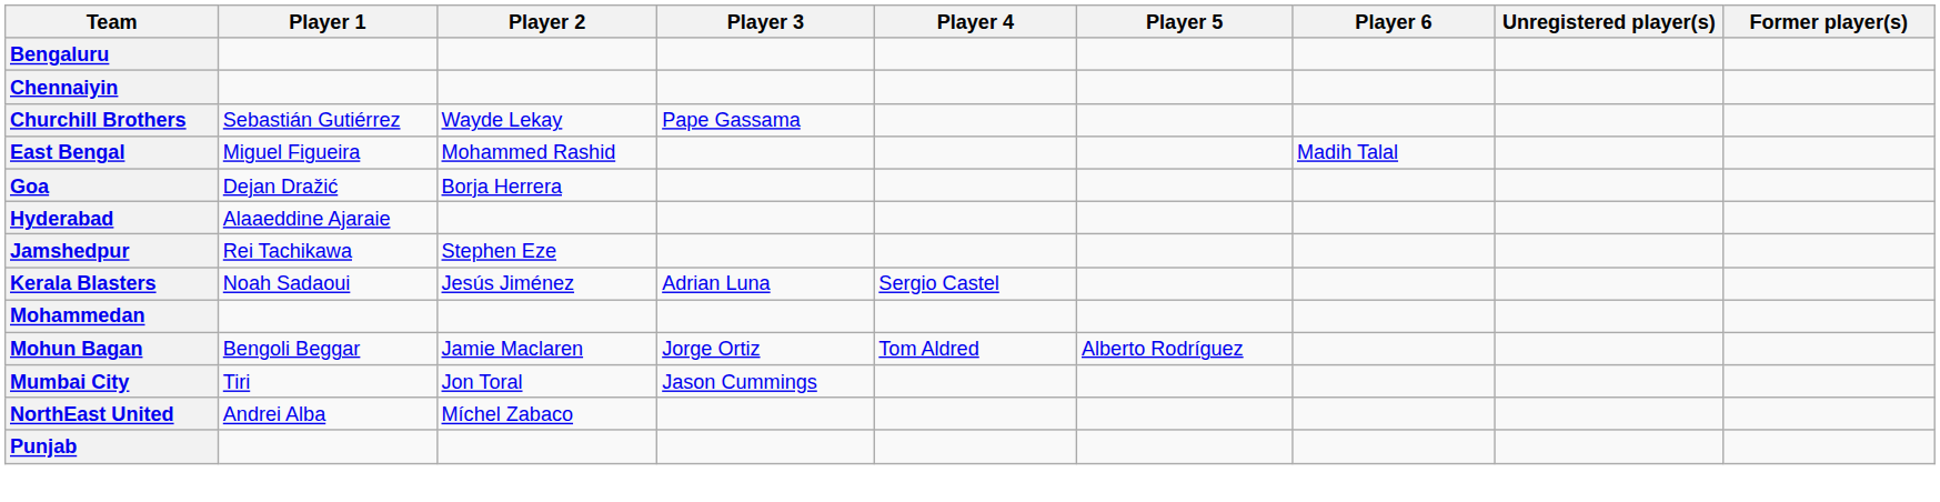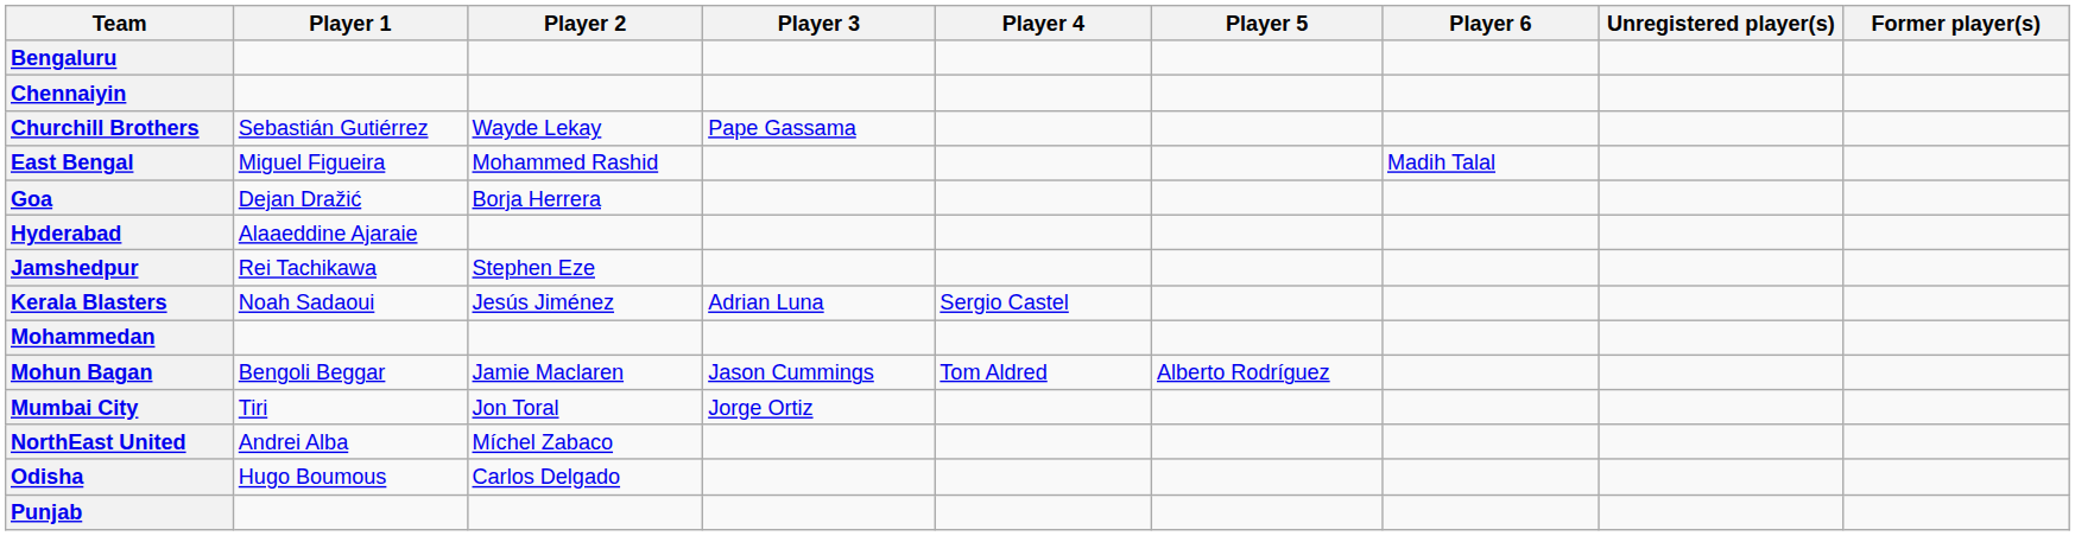 <table class="wikitable" style="text-align: left; font-size:small;">
 <tr>
 <th scope=col style="width:160px;">Team</th>
 <th scope=col style="width:180px;">Player 1</th>
 <th scope=col style="width:180px;">Player 2</th>
 <th scope=col style="width:180px;">Player 3</th>
 <th scope=col style="width:180px;">Player 4</th>
 <th scope=col style="width:180px;">Player 5</th>
 <th scope=col style="width:180px;">Player 6</th>
 <th scope=col style="width:180px;">Unregistered player(s)</th>
 <th scope=col style="width:180px">Former player(s)</th>
 </tr>
 <tr>
 <th scope=row style="text-align: left;"><a href='#'>Bengaluru</a></th>
 <td></td>
 <td></td>
 <td></td>
 <td></td>
 <td></td>
 <td></td>
 <td></td>
 <td></td>
 </tr>
 <tr>
 <th scope=row style="text-align: left;"><a href='#'>Chennaiyin</a></th>
 <td></td>
 <td></td>
 <td></td>
 <td></td>
 <td></td>
 <td></td>
 <td></td>
 <td></td>
 </tr>
 <tr>
 <th scope=row style="text-align: left;"><a href='#'>Churchill Brothers</a></th>
 <td> <a href='#'>Sebastián Gutiérrez</a></td>
 <td> <a href='#'>Wayde Lekay</a></td>
 <td> <a href='#'>Pape Gassama</a></td>
 <td></td>
 <td></td>
 <td></td>
 <td></td>
 <td></td>
 </tr>
 <tr>
 <th scope=row style="text-align: left;"><a href='#'>East Bengal</a></th>
 <td> <a href='#'>Miguel Figueira</a></td>
 <td> <a href='#'>Mohammed Rashid</a></td>
 <td></td>
 <td></td>
 <td></td>
 <td> <a href='#'>Madih Talal</a></td>
 <td></td>
 </tr>
 <tr>
 <th scope=row style="text-align: left;"><a href='#'>Goa</a></th>
 <td> <a href='#'>Dejan Dražić</a></td>
 <td> <a href='#'>Borja Herrera</a></td>
 <td></td>
 <td></td>
 <td></td>
 <td></td>
 <td></td>
 <td></td>
 </tr>
 <tr>
 <th scope=row style="text-align: left;"><a href='#'>Hyderabad</a></th>
 <td> <a href='#'>Alaaeddine Ajaraie</a></td>
 <td></td>
 <td></td>
 <td></td>
 <td></td>
 <td></td>
 <td></td>
 <td></td>
 </tr>
 <tr>
 <th scope=row style="text-align: left;"><a href='#'>Jamshedpur</a></th>
 <td> <a href='#'>Rei Tachikawa</a></td>
 <td> <a href='#'>Stephen Eze</a></td>
 <td></td>
 <td></td>
 <td></td>
 <td></td>
 <td></td>
 <td></td>
 </tr>
 <tr>
 <th scope=row style="text-align: left;"><a href='#'>Kerala Blasters</a></th>
 <td> <a href='#'>Noah Sadaoui</a></td>
 <td> <a href='#'>Jesús Jiménez</a></td>
 <td> <a href='#'>Adrian Luna</a></td>
 <td> <a href='#'>Sergio Castel</a></td>
 <td></td>
 <td></td>
 <td></td>
 <td></td>
 </tr>
 <tr>
 <th scope=row style="text-align: left;"><a href='#'>Mohammedan</a></th>
 <td></td>
 <td></td>
 <td></td>
 <td></td>
 <td></td>
 <td></td>
 <td></td>
 <td></td>
 </tr>
 <tr>
 <th scope=row style="text-align: left;"><a href='#'>Mohun Bagan</a></th>
 <td> <a href='#'>Bengoli Beggar</a></td>
 <td> <a href='#'>Jamie Maclaren</a></td>
-<td> <a href='#'>Jorge Ortiz</a></td>
+<td> <a href='#'>Jason Cummings</a></td>
 <td> <a href='#'>Tom Aldred</a></td>
 <td> <a href='#'>Alberto Rodríguez</a></td>
 <td></td>
 <td></td>
 <td></td>
 </tr>
 <tr>
 <th scope=row style="text-align: left;"><a href='#'>Mumbai City</a></th>
 <td> <a href='#'>Tiri</a></td>
 <td> <a href='#'>Jon Toral</a></td>
-<td> <a href='#'>Jason Cummings</a></td>
+<td> <a href='#'>Jorge Ortiz</a></td>
 <td></td>
 <td></td>
 <td></td>
 <td></td>
 </tr>
 <tr>
 <th scope=row style="text-align: left;"><a href='#'>NorthEast United</a></th>
 <td> <a href='#'>Andrei Alba</a></td>
 <td> <a href='#'>Míchel Zabaco</a></td>
+<td></td>
+<td></td>
+<td></td>
+<td></td>
+<td></td>
+<td></td>
+</tr>
+<tr>
+<th scope=row style="text-align: left;"><a href='#'>Odisha</a></th>
+<td> <a href='#'>Hugo Boumous</a></td>
+<td> <a href='#'>Carlos Delgado</a></td>
 <td></td>
 <td></td>
 <td></td>
 <td></td>
 <td></td>
 <td></td>
 </tr>
 <tr>
 <th scope=row style="text-align: left;"><a href='#'>Punjab</a></th>
 <td></td>
 <td></td>
 <td></td>
 <td></td>
 <td></td>
 <td></td>
 <td></td>
 <td></td>
 </tr>
 </table>
